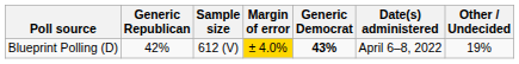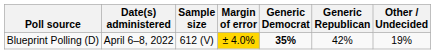 <table class="wikitable sortable mw-datatable" style="font-size:90%;text-align:center;">
 <tr valign=bottom>
 <th>Poll source</th>
-<th class="unsortable">Generic<br>Republican</th>
+<th>Date(s)<br>administered</th>
 <th>Sample<br>size</th>
 <th>Margin<br>of error</th>
 <th class="unsortable">Generic<br>Democrat</th>
-<th>Date(s)<br>administered</th>
+<th class="unsortable">Generic<br>Republican</th>
 <th class="unsortable">Other /<br>Undecided</th>
 </tr>
 <tr>
 <td style="text-align:left;">Blueprint Polling (D)</td>
-<td>42%</td>
+<td data-sort-value="2022-04-08">April 6–8, 2022</td>
 <td>612 (V)</td>
 <td style="background: gold;">± 4.0%</td>
-<td style="color:black;background-color:"><strong>43%</strong></td>
-<td data-sort-value="2022-04-08">April 6–8, 2022</td>
+<td style="color:black;background-color:"><strong>35%</strong></td>
+<td>42%</td>
 <td>19%</td>
 </tr>
 </table>
